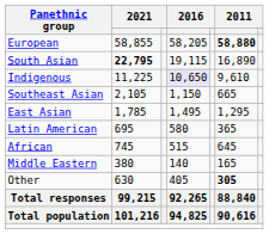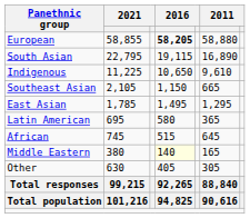 <table class="wikitable collapsible sortable">
 <tr>
 <th rowspan="2"><a href='#'>Panethnic</a><br>group</th>
 <th colspan="2">2021</th>
 <th colspan="2">2016</th>
 <th colspan="2">2011</th>
 </tr>
 <tr>
 <th><a href='#'></a></th>
 <th></th>
 <th></th>
 <th></th>
 <th></th>
 <th></th>
 </tr>
 <tr>
 <td><a href='#'>European</a></td>
 <td>58,855</td>
 <td></td>
-<td>58,205</td>
+<td><strong>58,205</strong></td>
 <td></td>
-<td><strong>58,880</strong></td>
+<td>58,880</td>
 <td></td>
 </tr>
 <tr>
 <td><a href='#'>South Asian</a></td>
-<td><strong>22,795</strong></td>
+<td>22,795</td>
 <td></td>
 <td>19,115</td>
 <td></td>
 <td>16,890</td>
 <td></td>
 </tr>
 <tr>
 <td><a href='#'>Indigenous</a></td>
 <td>11,225</td>
 <td></td>
-<td style="background: lavender;">10,650</td>
+<td>10,650</td>
 <td></td>
 <td>9,610</td>
 <td></td>
 </tr>
 <tr>
 <td><a href='#'>Southeast Asian</a></td>
 <td>2,105</td>
 <td></td>
 <td>1,150</td>
 <td></td>
 <td>665</td>
 <td></td>
 </tr>
 <tr>
 <td><a href='#'>East Asian</a></td>
 <td>1,785</td>
 <td></td>
 <td>1,495</td>
 <td></td>
 <td>1,295</td>
 <td></td>
 </tr>
 <tr>
 <td><a href='#'>Latin American</a></td>
 <td>695</td>
 <td></td>
 <td>580</td>
 <td></td>
 <td>365</td>
 <td></td>
 </tr>
 <tr>
 <td><a href='#'>African</a></td>
 <td>745</td>
 <td></td>
 <td>515</td>
 <td></td>
 <td>645</td>
 <td></td>
 </tr>
 <tr>
 <td><a href='#'>Middle Eastern</a></td>
 <td>380</td>
 <td></td>
-<td>140</td>
+<td style="background: lightyellow;">140</td>
 <td></td>
 <td>165</td>
 <td></td>
 </tr>
 <tr>
 <td>Other</td>
 <td>630</td>
 <td></td>
 <td>405</td>
 <td></td>
-<td><strong>305</strong></td>
+<td>305</td>
 <td></td>
 </tr>
 <tr>
 <th>Total responses</th>
 <th>99,215</th>
 <th></th>
 <th>92,265</th>
 <th></th>
 <th>88,840</th>
 <th></th>
 </tr>
 <tr>
 <th>Total population</th>
 <th>101,216</th>
 <th></th>
 <th>94,825</th>
 <th></th>
 <th>90,616</th>
 <th></th>
 </tr>
 <tr class="sortbottom">
 <td colspan="15"></td>
 </tr>
 </table>
